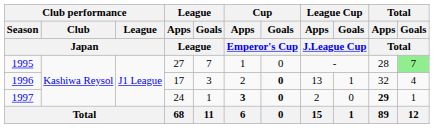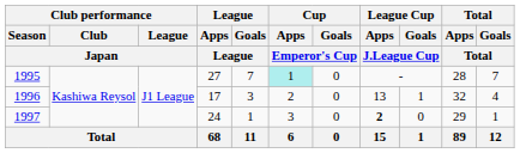 <table class="wikitable" style="text-align:center;">
 <tr>
 <th colspan=3>Club performance</th>
 <th colspan=2>League</th>
 <th colspan=2>Cup</th>
 <th colspan=2>League Cup</th>
 <th colspan=2>Total</th>
 </tr>
 <tr>
 <th>Season</th>
 <th>Club</th>
 <th>League</th>
 <th>Apps</th>
 <th>Goals</th>
 <th>Apps</th>
 <th>Goals</th>
 <th>Apps</th>
 <th>Goals</th>
 <th>Apps</th>
 <th>Goals</th>
 </tr>
 <tr>
 <th colspan=3>Japan</th>
 <th colspan=2>League</th>
 <th colspan=2><a href='#'>Emperor's Cup</a></th>
 <th colspan=2><a href='#'>J.League Cup</a></th>
 <th colspan=2>Total</th>
 </tr>
 <tr>
 <td><a href='#'>1995</a></td>
 <td rowspan="3"><a href='#'>Kashiwa Reysol</a></td>
 <td rowspan="3"><a href='#'>J1 League</a></td>
 <td>27</td>
 <td>7</td>
-<td>1</td>
+<td style="background: paleturquoise;">1</td>
 <td>0</td>
 <td colspan="2">-</td>
 <td>28</td>
-<td style="background: lightgreen;">7</td>
+<td>7</td>
 </tr>
 <tr>
 <td><a href='#'>1996</a></td>
 <td>17</td>
 <td>3</td>
 <td>2</td>
-<td><strong>0</strong></td>
+<td>0</td>
 <td>13</td>
 <td>1</td>
 <td>32</td>
 <td>4</td>
 </tr>
 <tr>
 <td><a href='#'>1997</a></td>
 <td>24</td>
 <td>1</td>
-<td><strong>3</strong></td>
-<td><strong>0</strong></td>
-<td>2</td>
+<td>3</td>
 <td>0</td>
-<td><strong>29</strong></td>
+<td><strong>2</strong></td>
+<td>0</td>
+<td>29</td>
 <td>1</td>
 </tr>
 <tr>
 <th colspan=3>Total</th>
 <th>68</th>
 <th>11</th>
 <th>6</th>
 <th>0</th>
 <th>15</th>
 <th>1</th>
 <th>89</th>
 <th>12</th>
 </tr>
 </table>
